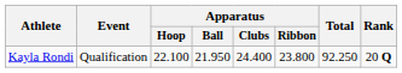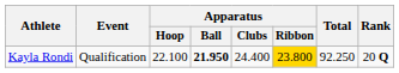 <table class=wikitable style="font-size:90%; text-align:center">
 <tr>
 <th rowspan=2>Athlete</th>
 <th rowspan=2>Event</th>
 <th colspan=4>Apparatus</th>
 <th rowspan=2>Total</th>
 <th rowspan=2>Rank</th>
 </tr>
 <tr style="font-size:95%;">
 <th>Hoop</th>
 <th>Ball</th>
 <th>Clubs</th>
 <th>Ribbon</th>
 </tr>
 <tr>
 <td align=left><a href='#'>Kayla Rondi</a></td>
 <td align=left>Qualification</td>
 <td>22.100</td>
-<td>21.950</td>
+<td><strong>21.950</strong></td>
 <td>24.400</td>
-<td>23.800</td>
+<td style="background: gold;">23.800</td>
 <td>92.250</td>
 <td>20 <strong>Q</strong></td>
 </tr>
 </table>
